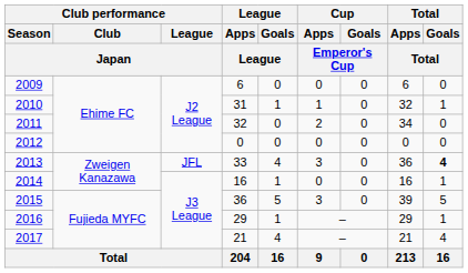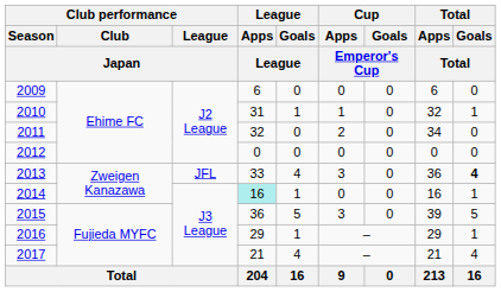 <table class="wikitable" style="text-align:center;">
 <tr>
 <th colspan=3>Club performance</th>
 <th colspan=2>League</th>
 <th colspan=2>Cup</th>
 <th colspan=2>Total</th>
 </tr>
 <tr>
 <th>Season</th>
 <th>Club</th>
 <th>League</th>
 <th>Apps</th>
 <th>Goals</th>
 <th>Apps</th>
 <th>Goals</th>
 <th>Apps</th>
 <th>Goals</th>
 </tr>
 <tr>
 <th colspan=3>Japan</th>
 <th colspan=2>League</th>
 <th colspan=2><a href='#'>Emperor's Cup</a></th>
 <th colspan=2>Total</th>
 </tr>
 <tr>
 <td><a href='#'>2009</a></td>
 <td rowspan="4"><a href='#'>Ehime FC</a></td>
 <td rowspan="4"><a href='#'>J2 League</a></td>
 <td>6</td>
 <td>0</td>
 <td>0</td>
 <td>0</td>
 <td>6</td>
 <td>0</td>
 </tr>
 <tr>
 <td><a href='#'>2010</a></td>
 <td>31</td>
 <td>1</td>
 <td>1</td>
 <td>0</td>
 <td>32</td>
 <td>1</td>
 </tr>
 <tr>
 <td><a href='#'>2011</a></td>
 <td>32</td>
 <td>0</td>
 <td>2</td>
 <td>0</td>
 <td>34</td>
 <td>0</td>
 </tr>
 <tr>
 <td><a href='#'>2012</a></td>
 <td>0</td>
 <td>0</td>
 <td>0</td>
 <td>0</td>
 <td>0</td>
 <td>0</td>
 </tr>
 <tr>
 <td><a href='#'>2013</a></td>
 <td rowspan="2"><a href='#'>Zweigen Kanazawa</a></td>
 <td><a href='#'>JFL</a></td>
 <td>33</td>
 <td>4</td>
 <td>3</td>
 <td>0</td>
 <td>36</td>
 <td><strong>4</strong></td>
 </tr>
 <tr>
 <td><a href='#'>2014</a></td>
 <td rowspan="4"><a href='#'>J3 League</a></td>
-<td>16</td>
+<td style="background: paleturquoise;">16</td>
 <td>1</td>
 <td>0</td>
 <td>0</td>
 <td>16</td>
 <td>1</td>
 </tr>
 <tr>
 <td><a href='#'>2015</a></td>
 <td rowspan="3"><a href='#'>Fujieda MYFC</a></td>
 <td>36</td>
 <td>5</td>
 <td>3</td>
 <td>0</td>
 <td>39</td>
 <td>5</td>
 </tr>
 <tr>
 <td><a href='#'>2016</a></td>
 <td>29</td>
 <td>1</td>
 <td colspan="2">–</td>
 <td>29</td>
 <td>1</td>
 </tr>
 <tr>
 <td><a href='#'>2017</a></td>
 <td>21</td>
 <td>4</td>
 <td colspan="2">–</td>
 <td>21</td>
 <td>4</td>
 </tr>
 <tr>
 <th colspan=3>Total</th>
 <th>204</th>
 <th>16</th>
 <th>9</th>
 <th>0</th>
 <th>213</th>
 <th>16</th>
 </tr>
 </table>
